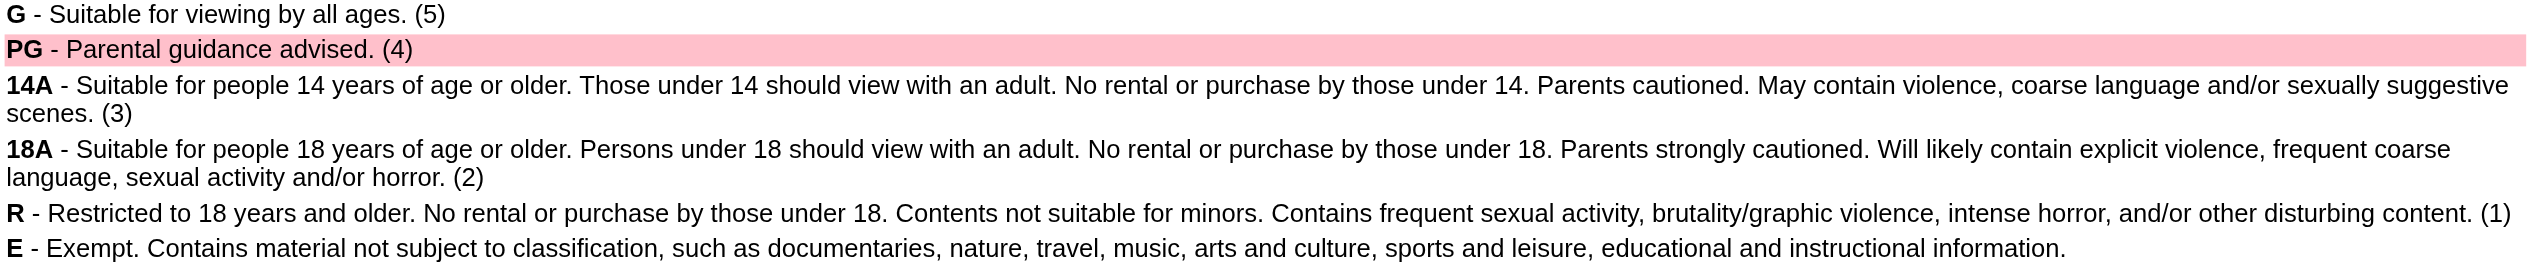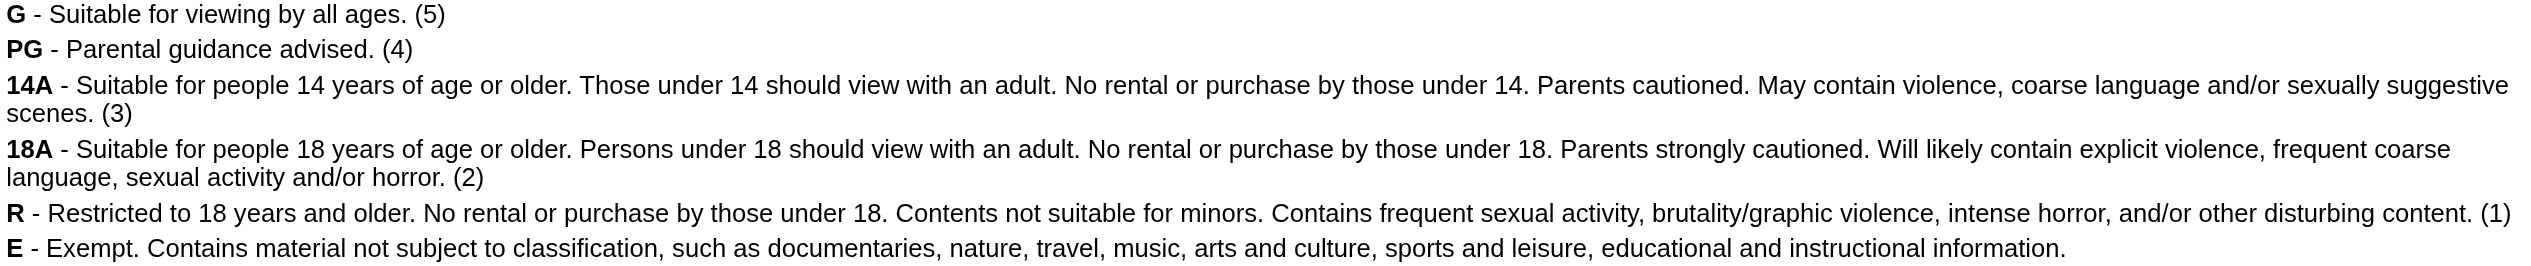 <table>
 <tr>
 <td></td>
 <td><strong>G</strong> - Suitable for viewing by all ages. (5)</td>
 </tr>
 <tr>
 <td></td>
-<td style="background: pink;"><strong>PG</strong> - Parental guidance advised. (4)</td>
+<td><strong>PG</strong> - Parental guidance advised. (4)</td>
 </tr>
 <tr>
 <td></td>
 <td><strong>14A</strong> - Suitable for people 14 years of age or older. Those under 14 should view with an adult. No rental or purchase by those under 14. Parents cautioned. May contain violence, coarse language and/or sexually suggestive scenes. (3)</td>
 </tr>
 <tr>
 <td></td>
 <td><strong>18A</strong> - Suitable for people 18 years of age or older. Persons under 18 should view with an adult. No rental or purchase by those under 18. Parents strongly cautioned. Will likely contain explicit violence, frequent coarse language, sexual activity and/or horror. (2)</td>
 </tr>
 <tr>
 <td></td>
 <td><strong>R</strong> - Restricted to 18 years and older. No rental or purchase by those under 18. Contents not suitable for minors. Contains frequent sexual activity, brutality/graphic violence, intense horror, and/or other disturbing content. (1)</td>
 </tr>
 <tr>
 <td></td>
 <td><strong>E</strong> - Exempt. Contains material not subject to classification, such as documentaries, nature, travel, music, arts and culture, sports and leisure, educational and instructional information.</td>
 </tr>
 </table>
